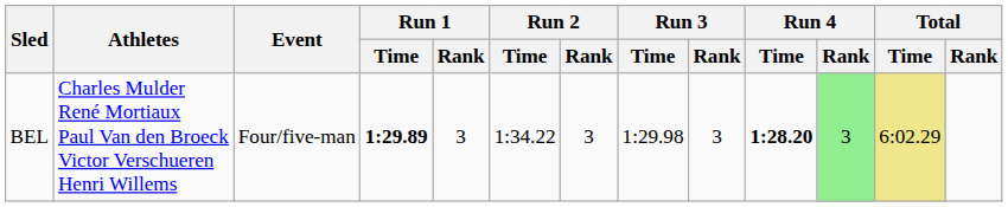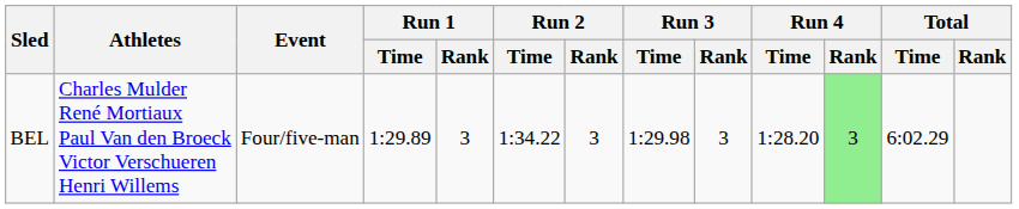 <table class="wikitable" border="1" style="font-size:90%">
 <tr>
 <th rowspan="2">Sled</th>
 <th rowspan="2">Athletes</th>
 <th rowspan="2">Event</th>
 <th colspan="2">Run 1</th>
 <th colspan="2">Run 2</th>
 <th colspan="2">Run 3</th>
 <th colspan="2">Run 4</th>
 <th colspan="2">Total</th>
 </tr>
 <tr>
 <th>Time</th>
 <th>Rank</th>
 <th>Time</th>
 <th>Rank</th>
 <th>Time</th>
 <th>Rank</th>
 <th>Time</th>
 <th>Rank</th>
 <th>Time</th>
 <th>Rank</th>
 </tr>
 <tr>
 <td align="center">BEL</td>
 <td><a href='#'>Charles Mulder</a><br><a href='#'>René Mortiaux</a><br><a href='#'>Paul Van den Broeck</a><br><a href='#'>Victor Verschueren</a><br><a href='#'>Henri Willems</a></td>
 <td>Four/five-man</td>
-<td align="center"><strong>1:29.89</strong></td>
+<td align="center">1:29.89</td>
 <td align="center">3</td>
 <td align="center">1:34.22</td>
 <td align="center">3</td>
 <td align="center">1:29.98</td>
 <td align="center">3</td>
-<td align="center"><strong>1:28.20</strong></td>
+<td align="center">1:28.20</td>
 <td align="center" style="background: lightgreen;">3</td>
-<td align="center" style="background: khaki;">6:02.29</td>
+<td align="center">6:02.29</td>
 <td align="center"></td>
 </tr>
 </table>
